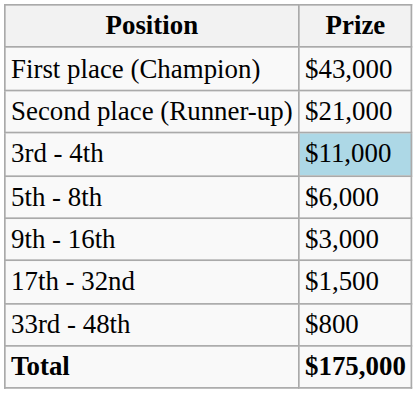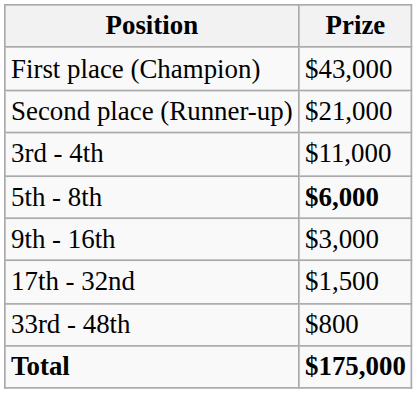 <table class="wikitable">
 <tr>
 <th>Position</th>
 <th>Prize</th>
 </tr>
 <tr>
 <td>First place (Champion)</td>
 <td>$43,000</td>
 </tr>
 <tr>
 <td>Second place (Runner-up)</td>
 <td>$21,000</td>
 </tr>
 <tr>
 <td>3rd - 4th</td>
-<td style="background: lightblue;">$11,000</td>
+<td>$11,000</td>
 </tr>
 <tr>
 <td>5th - 8th</td>
-<td>$6,000</td>
+<td><strong>$6,000</strong></td>
 </tr>
 <tr>
 <td>9th - 16th</td>
 <td>$3,000</td>
 </tr>
 <tr>
 <td>17th - 32nd</td>
 <td>$1,500</td>
 </tr>
 <tr>
 <td>33rd - 48th</td>
 <td>$800</td>
 </tr>
 <tr>
 <td><strong>Total</strong></td>
 <td><strong>$175,000</strong></td>
 </tr>
 </table>
